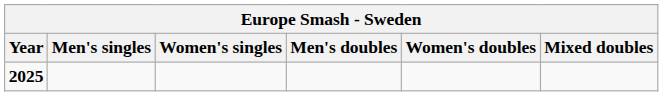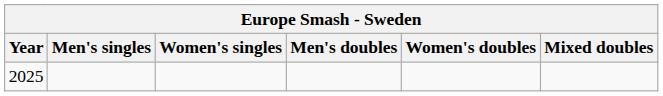 <table class="wikitable"style="font-size:95%">
 <tr>
 <th colspan="7">Europe Smash - Sweden</th>
 </tr>
 <tr>
 <th>Year</th>
 <th>Men's singles</th>
 <th>Women's singles</th>
 <th>Men's doubles</th>
 <th>Women's doubles</th>
 <th>Mixed doubles</th>
 </tr>
 <tr>
-<td><strong>2025</strong></td>
+<td>2025</td>
 <td></td>
 <td></td>
 <td></td>
 <td></td>
 <td></td>
 </tr>
 </table>
